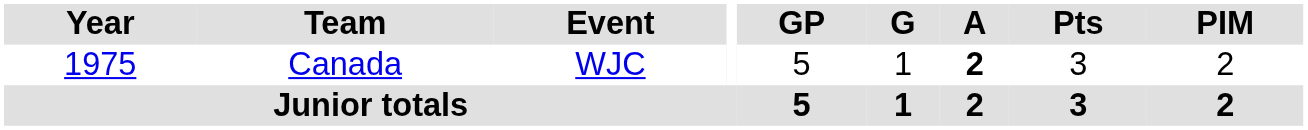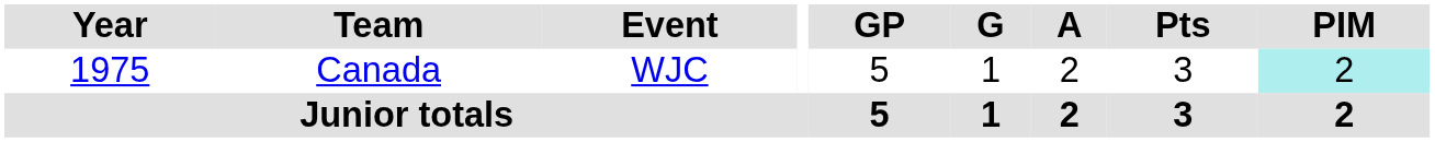 <table border="0" cellpadding="1" cellspacing="0" ID="Table3" style="text-align:center; width:40em">
 <tr bgcolor="#e0e0e0">
 <th>Year</th>
 <th>Team</th>
 <th>Event</th>
 <th rowspan="102" bgcolor="#ffffff"></th>
 <th>GP</th>
 <th>G</th>
 <th>A</th>
 <th>Pts</th>
 <th>PIM</th>
 </tr>
 <tr>
 <td><a href='#'>1975</a></td>
 <td><a href='#'>Canada</a></td>
 <td><a href='#'>WJC</a></td>
 <td>5</td>
 <td>1</td>
-<td><strong>2</strong></td>
+<td>2</td>
 <td>3</td>
-<td>2</td>
+<td style="background: paleturquoise;">2</td>
 </tr>
 <tr bgcolor="#e0e0e0">
 <th colspan="4">Junior totals</th>
 <th>5</th>
 <th>1</th>
 <th>2</th>
 <th>3</th>
 <th>2</th>
 </tr>
 </table>
